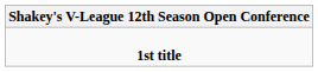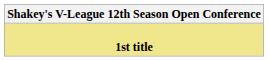 <table class=wikitable style="text-align:center; margin:auto;">
 <tr>
 <th>Shakey's V-League 12th Season Open Conference</th>
 </tr>
 <tr>
-<td><strong></strong><br><strong>1st title</strong></td>
+<td style="background: khaki;"><strong></strong><br><strong>1st title</strong></td>
 </tr>
 </table>
